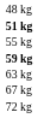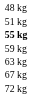 <table>
 <tr>
 <td>48 kg<br></td>
 <td></td>
 <td></td>
 <td></td>
 </tr>
 <tr>
-<td><strong>51 kg<br></strong></td>
+<td>51 kg<br></td>
 <td></td>
 <td></td>
 <td></td>
 </tr>
 <tr>
-<td>55 kg<br></td>
+<td><strong>55 kg<br></strong></td>
 <td></td>
 <td></td>
 <td></td>
 </tr>
 <tr>
-<td><strong>59 kg<br></strong></td>
+<td>59 kg<br></td>
 <td></td>
 <td></td>
 <td></td>
 </tr>
 <tr>
 <td>63 kg<br></td>
 <td></td>
 <td></td>
 <td></td>
 </tr>
 <tr>
 <td>67 kg<br></td>
 <td></td>
 <td></td>
 <td></td>
 </tr>
 <tr>
 <td>72 kg<br></td>
 <td></td>
 <td></td>
 <td></td>
 </tr>
 </table>
